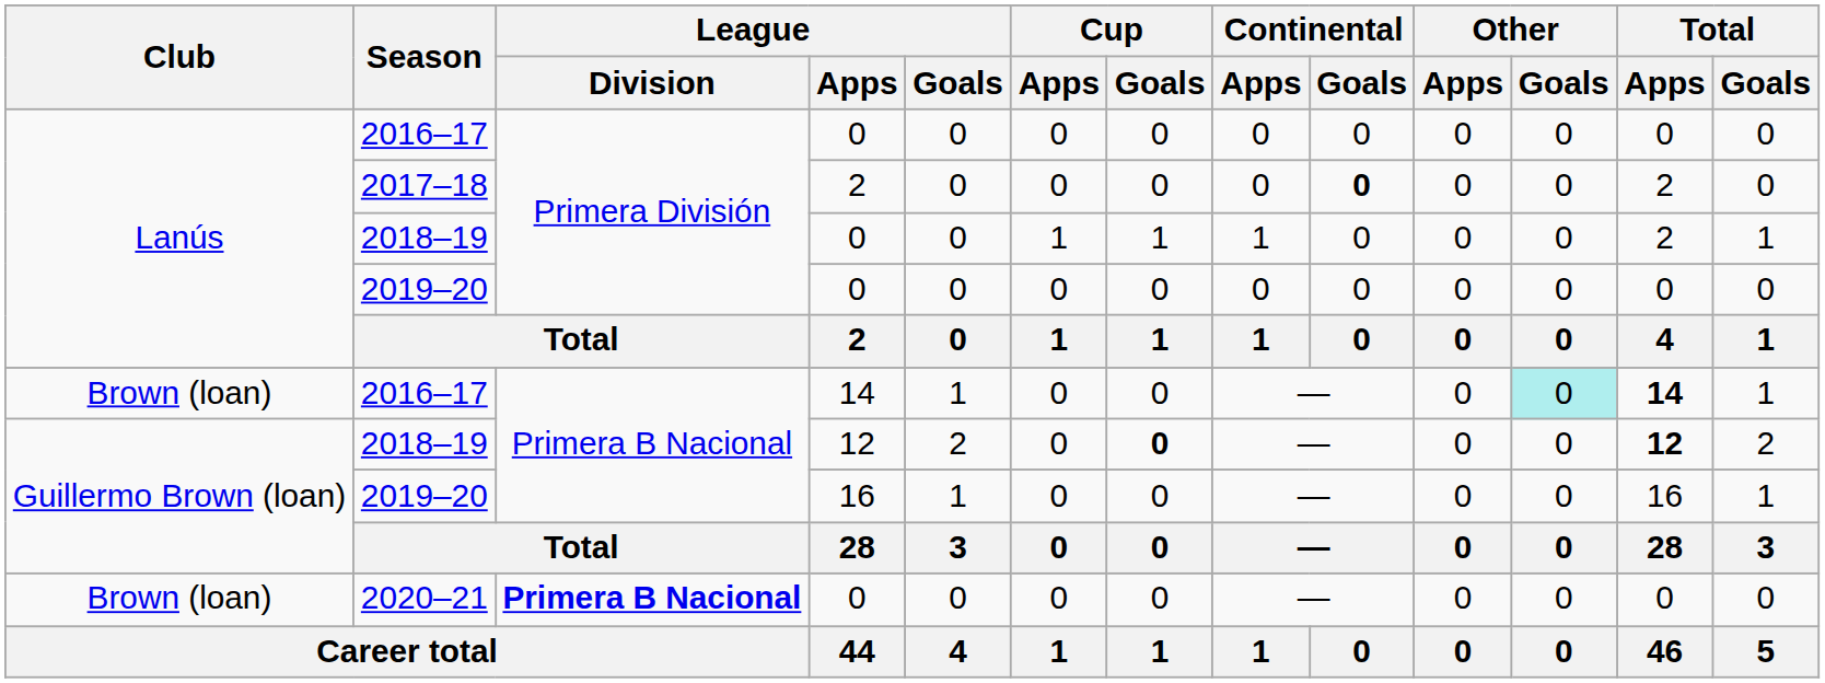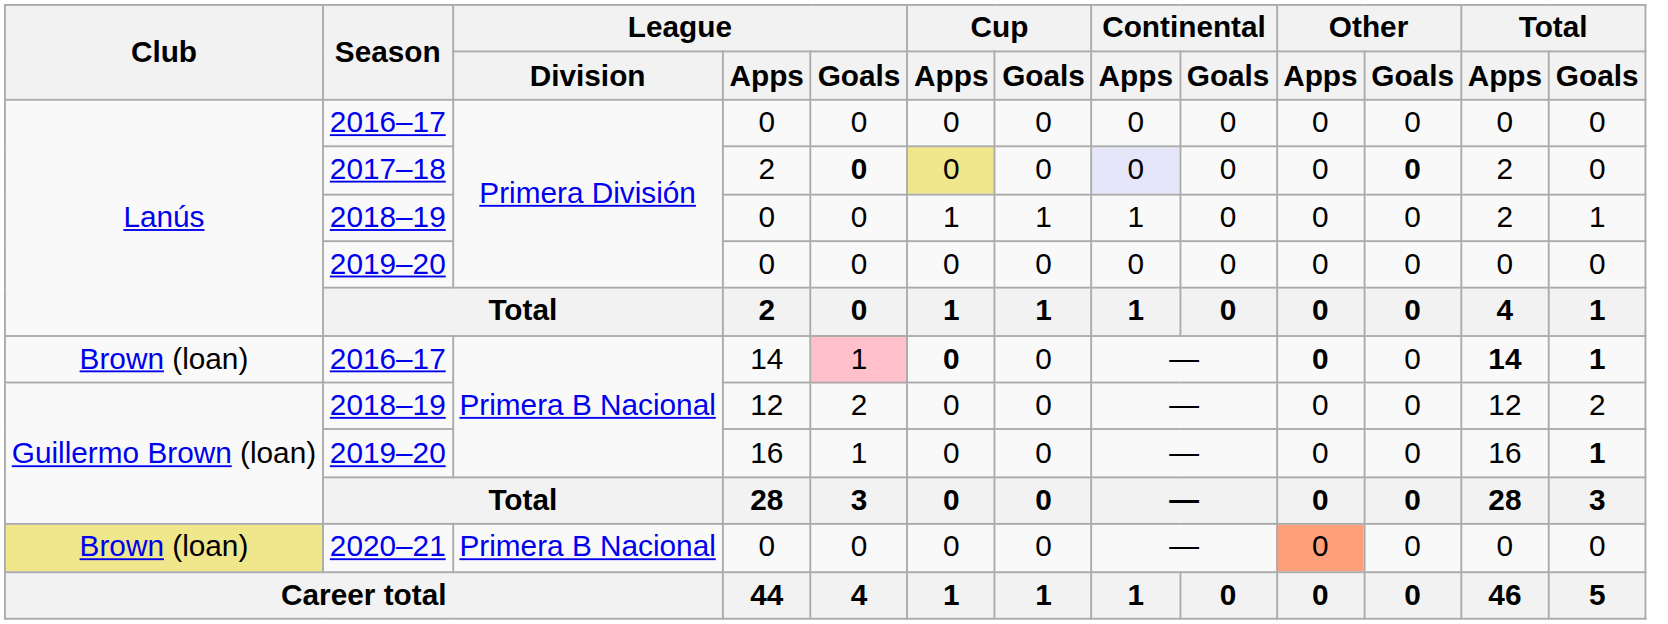 <table class="wikitable" style="text-align:center">
 <tr>
 <th rowspan="2">Club</th>
 <th rowspan="2">Season</th>
 <th colspan="3">League</th>
 <th colspan="2">Cup</th>
 <th colspan="2">Continental</th>
 <th colspan="2">Other</th>
 <th colspan="2">Total</th>
 </tr>
 <tr>
 <th>Division</th>
 <th>Apps</th>
 <th>Goals</th>
 <th>Apps</th>
 <th>Goals</th>
 <th>Apps</th>
 <th>Goals</th>
 <th>Apps</th>
 <th>Goals</th>
 <th>Apps</th>
 <th>Goals</th>
 </tr>
 <tr>
 <td rowspan="5"><a href='#'>Lanús</a></td>
 <td><a href='#'>2016–17</a></td>
 <td rowspan="4"><a href='#'>Primera División</a></td>
 <td>0</td>
 <td>0</td>
 <td>0</td>
 <td>0</td>
 <td>0</td>
 <td>0</td>
 <td>0</td>
 <td>0</td>
 <td>0</td>
 <td>0</td>
 </tr>
 <tr>
 <td><a href='#'>2017–18</a></td>
 <td>2</td>
+<td><strong>0</strong></td>
+<td style="background: khaki;">0</td>
 <td>0</td>
-<td>0</td>
+<td style="background: lavender;">0</td>
 <td>0</td>
 <td>0</td>
 <td><strong>0</strong></td>
-<td>0</td>
-<td>0</td>
 <td>2</td>
 <td>0</td>
 </tr>
 <tr>
 <td><a href='#'>2018–19</a></td>
 <td>0</td>
 <td>0</td>
 <td>1</td>
 <td>1</td>
 <td>1</td>
 <td>0</td>
 <td>0</td>
 <td>0</td>
 <td>2</td>
 <td>1</td>
 </tr>
 <tr>
 <td><a href='#'>2019–20</a></td>
 <td>0</td>
 <td>0</td>
 <td>0</td>
 <td>0</td>
 <td>0</td>
 <td>0</td>
 <td>0</td>
 <td>0</td>
 <td>0</td>
 <td>0</td>
 </tr>
 <tr>
 <th colspan="2">Total</th>
 <th>2</th>
 <th>0</th>
 <th>1</th>
 <th>1</th>
 <th>1</th>
 <th>0</th>
 <th>0</th>
 <th>0</th>
 <th>4</th>
 <th>1</th>
 </tr>
 <tr>
 <td rowspan="1"><a href='#'>Brown</a> (loan)</td>
 <td><a href='#'>2016–17</a></td>
 <td rowspan="3"><a href='#'>Primera B Nacional</a></td>
 <td>14</td>
-<td>1</td>
-<td>0</td>
+<td style="background: pink;">1</td>
+<td><strong>0</strong></td>
 <td>0</td>
 <td colspan="2">—</td>
+<td><strong>0</strong></td>
 <td>0</td>
-<td style="background: paleturquoise;">0</td>
 <td><strong>14</strong></td>
-<td>1</td>
+<td><strong>1</strong></td>
 </tr>
 <tr>
 <td rowspan="3"><a href='#'>Guillermo Brown</a> (loan)</td>
 <td><a href='#'>2018–19</a></td>
 <td>12</td>
 <td>2</td>
 <td>0</td>
-<td><strong>0</strong></td>
+<td>0</td>
 <td colspan="2">—</td>
 <td>0</td>
 <td>0</td>
-<td><strong>12</strong></td>
+<td>12</td>
 <td>2</td>
 </tr>
 <tr>
 <td><a href='#'>2019–20</a></td>
 <td>16</td>
 <td>1</td>
 <td>0</td>
 <td>0</td>
 <td colspan="2">—</td>
 <td>0</td>
 <td>0</td>
 <td>16</td>
-<td>1</td>
+<td><strong>1</strong></td>
 </tr>
 <tr>
 <th colspan="2">Total</th>
 <th>28</th>
 <th>3</th>
 <th>0</th>
 <th>0</th>
 <th colspan="2">—</th>
 <th>0</th>
 <th>0</th>
 <th>28</th>
 <th>3</th>
 </tr>
 <tr>
-<td rowspan="1"><a href='#'>Brown</a> (loan)</td>
+<td rowspan="1" style="background: khaki;"><a href='#'>Brown</a> (loan)</td>
 <td><a href='#'>2020–21</a></td>
-<td rowspan="1"><strong><a href='#'>Primera B Nacional</a></strong></td>
+<td rowspan="1"><a href='#'>Primera B Nacional</a></td>
 <td>0</td>
 <td>0</td>
 <td>0</td>
 <td>0</td>
 <td colspan="2">—</td>
-<td>0</td>
+<td style="background: lightsalmon;">0</td>
 <td>0</td>
 <td>0</td>
 <td>0</td>
 </tr>
 <tr>
 <th colspan="3">Career total</th>
 <th>44</th>
 <th>4</th>
 <th>1</th>
 <th>1</th>
 <th>1</th>
 <th>0</th>
 <th>0</th>
 <th>0</th>
 <th>46</th>
 <th>5</th>
 </tr>
 </table>
